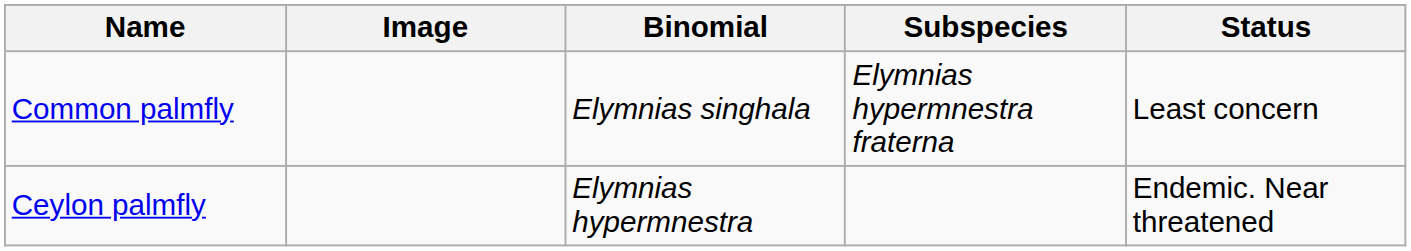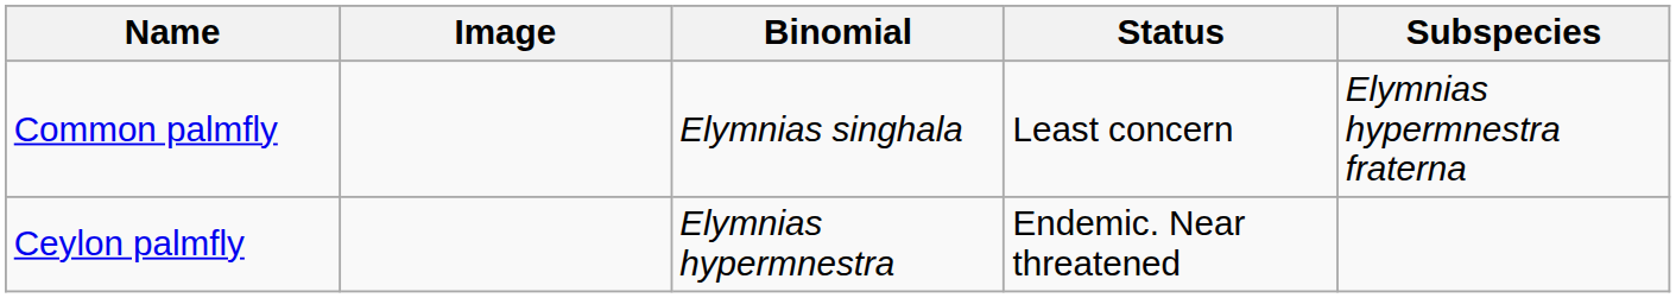 <table width=60% class="wikitable">
 <tr>
 <th>Name</th>
 <th width="20%">Image</th>
 <th width="20%">Binomial</th>
+<th width=20%>Status</th>
 <th width=20%>Subspecies</th>
-<th width=20%>Status</th>
 </tr>
 <tr>
 <td><a href='#'>Common palmfly</a></td>
 <td><br> </td>
 <td><em>Elymnias singhala</em></td>
+<td>Least concern</td>
 <td><em>Elymnias hypermnestra fraterna</em></td>
-<td>Least concern</td>
 </tr>
 <tr>
 <td><a href='#'>Ceylon palmfly</a></td>
 <td></td>
 <td><em>Elymnias hypermnestra</em></td>
+<td>Endemic. Near threatened</td>
 <td></td>
-<td>Endemic. Near threatened</td>
 </tr>
 </table>
